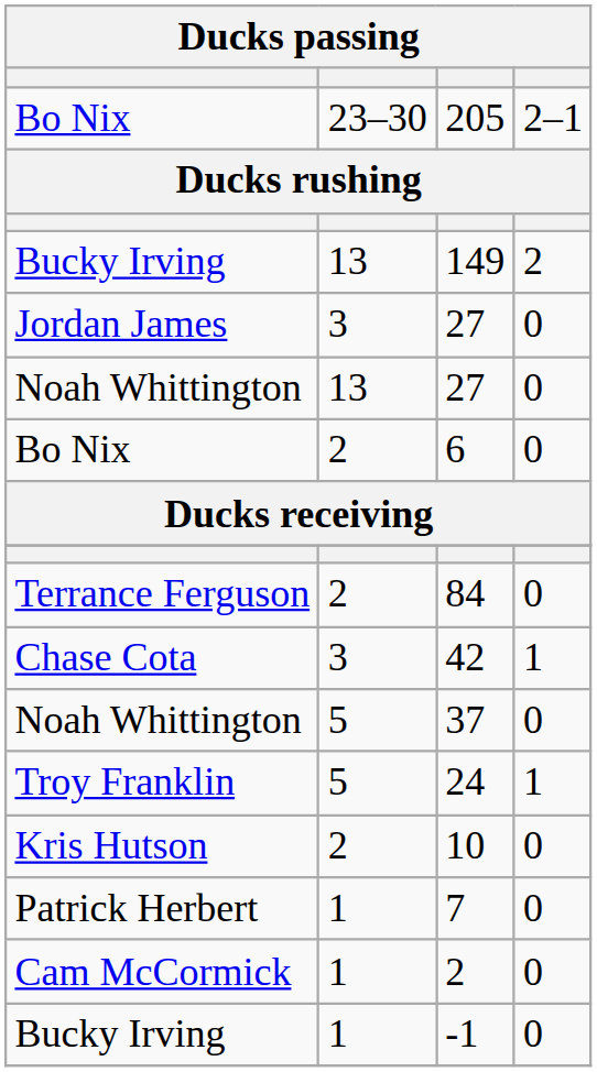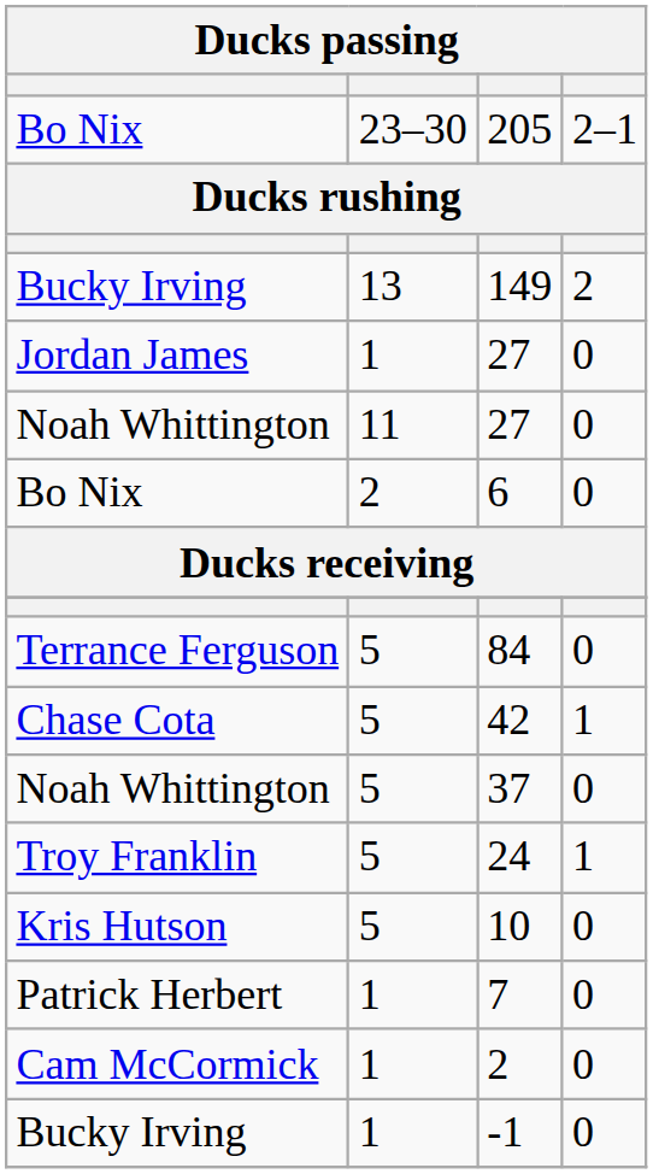 <table class="wikitable plainrowheaders">
 <tr>
 <th colspan="6">Ducks passing</th>
 </tr>
 <tr>
 <th scope="col"></th>
 <th scope="col"></th>
 <th scope="col"></th>
 <th scope="col"></th>
 </tr>
 <tr>
 <td><a href='#'>Bo Nix</a></td>
 <td>23–30</td>
 <td>205</td>
 <td>2–1</td>
 </tr>
 <tr>
 <th colspan="6">Ducks rushing</th>
 </tr>
 <tr>
 <th scope="col"></th>
 <th scope="col"></th>
 <th scope="col"></th>
 <th scope="col"></th>
 </tr>
 <tr>
 <td><a href='#'>Bucky Irving</a></td>
 <td>13</td>
 <td>149</td>
 <td>2</td>
 </tr>
 <tr>
 <td><a href='#'>Jordan James</a></td>
-<td>3</td>
+<td>1</td>
 <td>27</td>
 <td>0</td>
 </tr>
 <tr>
 <td>Noah Whittington</td>
-<td>13</td>
+<td>11</td>
 <td>27</td>
 <td>0</td>
 </tr>
 <tr>
 <td>Bo Nix</td>
 <td>2</td>
 <td>6</td>
 <td>0</td>
 </tr>
 <tr>
 <th colspan="6">Ducks receiving</th>
 </tr>
 <tr>
 </tr>
 <tr>
 <th scope="col"></th>
 <th scope="col"></th>
 <th scope="col"></th>
 <th scope="col"></th>
 </tr>
 <tr>
 <td><a href='#'>Terrance Ferguson</a></td>
-<td>2</td>
+<td>5</td>
 <td>84</td>
 <td>0</td>
 </tr>
 <tr>
 <td><a href='#'>Chase Cota</a></td>
-<td>3</td>
+<td>5</td>
 <td>42</td>
 <td>1</td>
 </tr>
 <tr>
 <td>Noah Whittington</td>
 <td>5</td>
 <td>37</td>
 <td>0</td>
 </tr>
 <tr>
 <td><a href='#'>Troy Franklin</a></td>
 <td>5</td>
 <td>24</td>
 <td>1</td>
 </tr>
 <tr>
 <td><a href='#'>Kris Hutson</a></td>
-<td>2</td>
+<td>5</td>
 <td>10</td>
 <td>0</td>
 </tr>
 <tr>
 <td>Patrick Herbert</td>
 <td>1</td>
 <td>7</td>
 <td>0</td>
 </tr>
 <tr>
 <td><a href='#'>Cam McCormick</a></td>
 <td>1</td>
 <td>2</td>
 <td>0</td>
 </tr>
 <tr>
 <td>Bucky Irving</td>
 <td>1</td>
 <td>-1</td>
 <td>0</td>
 </tr>
 <tr>
 </tr>
 </table>
